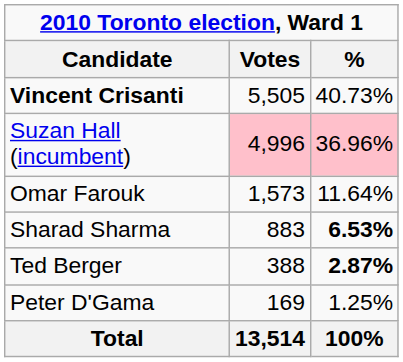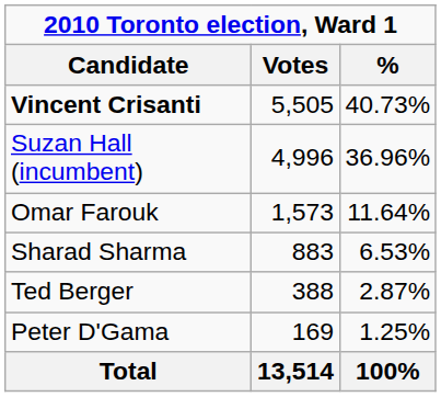 <table class="wikitable">
 <tr>
 <td Colspan="3" align="center"><strong><a href='#'>2010 Toronto election</a>, Ward 1</strong></td>
 </tr>
 <tr>
 <th bgcolor="#DDDDFF" width="150px">Candidate</th>
 <th bgcolor="#DDDDFF">Votes</th>
 <th bgcolor="#DDDDFF">%</th>
 </tr>
 <tr>
 <td><strong>Vincent Crisanti</strong></td>
 <td align=right>5,505</td>
 <td align=right>40.73%</td>
 </tr>
 <tr>
 <td><a href='#'>Suzan Hall</a> (<a href='#'>incumbent</a>)</td>
-<td align=right style="background: pink;">4,996</td>
-<td align=right style="background: pink;">36.96%</td>
+<td align=right>4,996</td>
+<td align=right>36.96%</td>
 </tr>
 <tr>
 <td>Omar Farouk</td>
 <td align=right>1,573</td>
 <td align=right>11.64%</td>
 </tr>
 <tr>
 <td>Sharad Sharma</td>
 <td align=right>883</td>
-<td align=right><strong>6.53%</strong></td>
+<td align=right>6.53%</td>
 </tr>
 <tr>
 <td>Ted Berger</td>
 <td align=right>388</td>
-<td align=right><strong>2.87%</strong></td>
+<td align=right>2.87%</td>
 </tr>
 <tr>
 <td>Peter D'Gama</td>
 <td align=right>169</td>
 <td align=right>1.25%</td>
 </tr>
 <tr>
 <th>Total</th>
 <th align=right>13,514</th>
 <th align=right>100%</th>
 </tr>
 </table>
